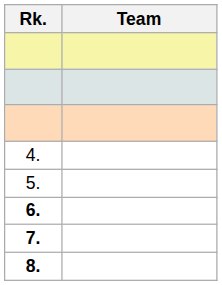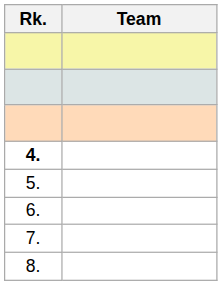 <table class="wikitable" style="border:1px solid #AAAAAA;font-size:90%">
 <tr bgcolor="#E4E4E4">
 <th style="border-bottom:1px solid #AAAAAA" width=40>Rk.</th>
 <th style="border-bottom:1px solid #AAAAAA" width=120>Team</th>
 </tr>
 <tr bgcolor="#F7F6A8">
 <td align="center" style="height:23px"></td>
 <td><strong></strong></td>
 </tr>
 <tr bgcolor="#DCE5E5">
 <td align="center" style="height:23px"></td>
 <td></td>
 </tr>
 <tr bgcolor="#FFDAB9">
 <td align="center" style="height:23px"></td>
 <td></td>
 </tr>
 <tr style="background:#ffffff;">
-<td align="center">4.</td>
+<td align="center"><strong>4.</strong></td>
 <td></td>
 </tr>
 <tr style="background:#ffffff;">
 <td align="center">5.</td>
 <td></td>
 </tr>
 <tr style="background:#ffffff;">
-<td align="center"><strong>6.</strong></td>
+<td align="center">6.</td>
 <td></td>
 </tr>
 <tr style="background:#ffffff;">
-<td align="center"><strong>7.</strong></td>
+<td align="center">7.</td>
 <td></td>
 </tr>
 <tr style="background:#ffffff;">
-<td align="center"><strong>8.</strong></td>
+<td align="center">8.</td>
 <td></td>
 </tr>
 </table>
